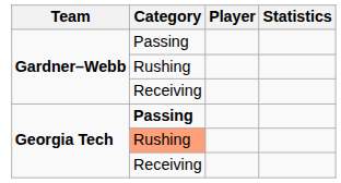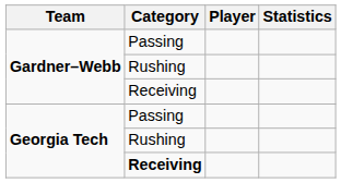 <table class="wikitable" style="float: right;">
 <tr>
 <th>Team</th>
 <th>Category</th>
 <th>Player</th>
 <th>Statistics</th>
 </tr>
 <tr>
 <td rowspan=3><strong>Gardner–Webb</strong></td>
 <td>Passing</td>
 <td></td>
 <td></td>
 </tr>
 <tr>
 <td>Rushing</td>
 <td></td>
 <td></td>
 </tr>
 <tr>
 <td>Receiving</td>
 <td></td>
 <td></td>
 </tr>
 <tr>
 <td rowspan=3><strong>Georgia Tech</strong></td>
-<td><strong>Passing</strong></td>
+<td>Passing</td>
 <td></td>
 <td></td>
 </tr>
 <tr>
-<td style="background: lightsalmon;">Rushing</td>
+<td>Rushing</td>
 <td></td>
 <td></td>
 </tr>
 <tr>
-<td>Receiving</td>
+<td><strong>Receiving</strong></td>
 <td></td>
 <td></td>
 </tr>
 </table>
